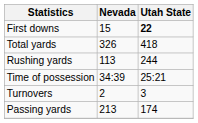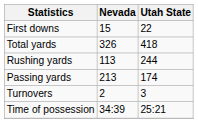 <table class="wikitable">
 <tr>
 <th>Statistics</th>
 <th>Nevada</th>
 <th>Utah State</th>
 </tr>
 <tr>
 <td>First downs</td>
 <td>15</td>
-<td><strong>22</strong></td>
+<td>22</td>
 </tr>
 <tr>
 <td>Total yards</td>
 <td>326</td>
 <td>418</td>
 </tr>
 <tr>
 <td>Rushing yards</td>
 <td>113</td>
 <td>244</td>
 </tr>
 <tr>
-<td>Time of possession</td>
-<td>34:39</td>
-<td>25:21</td>
+<td>Passing yards</td>
+<td>213</td>
+<td>174</td>
 </tr>
 <tr>
 <td>Turnovers</td>
 <td>2</td>
 <td>3</td>
 </tr>
 <tr>
-<td>Passing yards</td>
-<td>213</td>
-<td>174</td>
+<td>Time of possession</td>
+<td>34:39</td>
+<td>25:21</td>
 </tr>
 <tr>
 </tr>
 </table>
